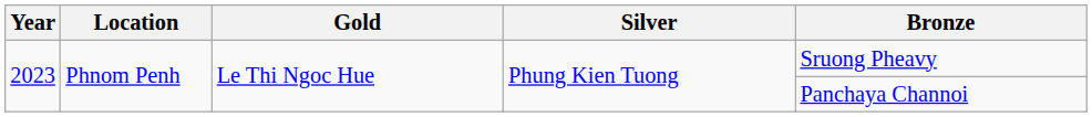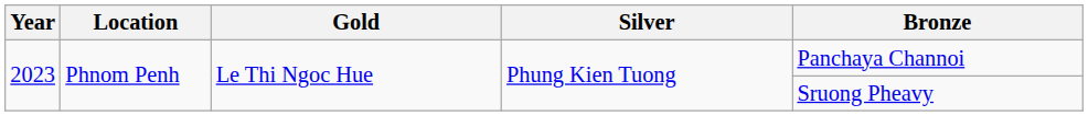 <table class="wikitable">
 <tr>
 <th>Year</th>
 <th width="100">Location</th>
 <th width="200">Gold</th>
 <th width="200">Silver</th>
 <th width="200">Bronze</th>
 </tr>
 <tr>
 <td rowspan=2><a href='#'>2023</a></td>
 <td rowspan=2> <a href='#'>Phnom Penh</a></td>
 <td rowspan=2> <a href='#'>Le Thi Ngoc Hue</a></td>
 <td rowspan=2> <a href='#'>Phung Kien Tuong</a></td>
+<td> <a href='#'>Panchaya Channoi</a></td>
+</tr>
+<tr>
 <td> <a href='#'>Sruong Pheavy</a></td>
 </tr>
-<tr>
-<td> <a href='#'>Panchaya Channoi</a></td>
-</tr>
 </table>
